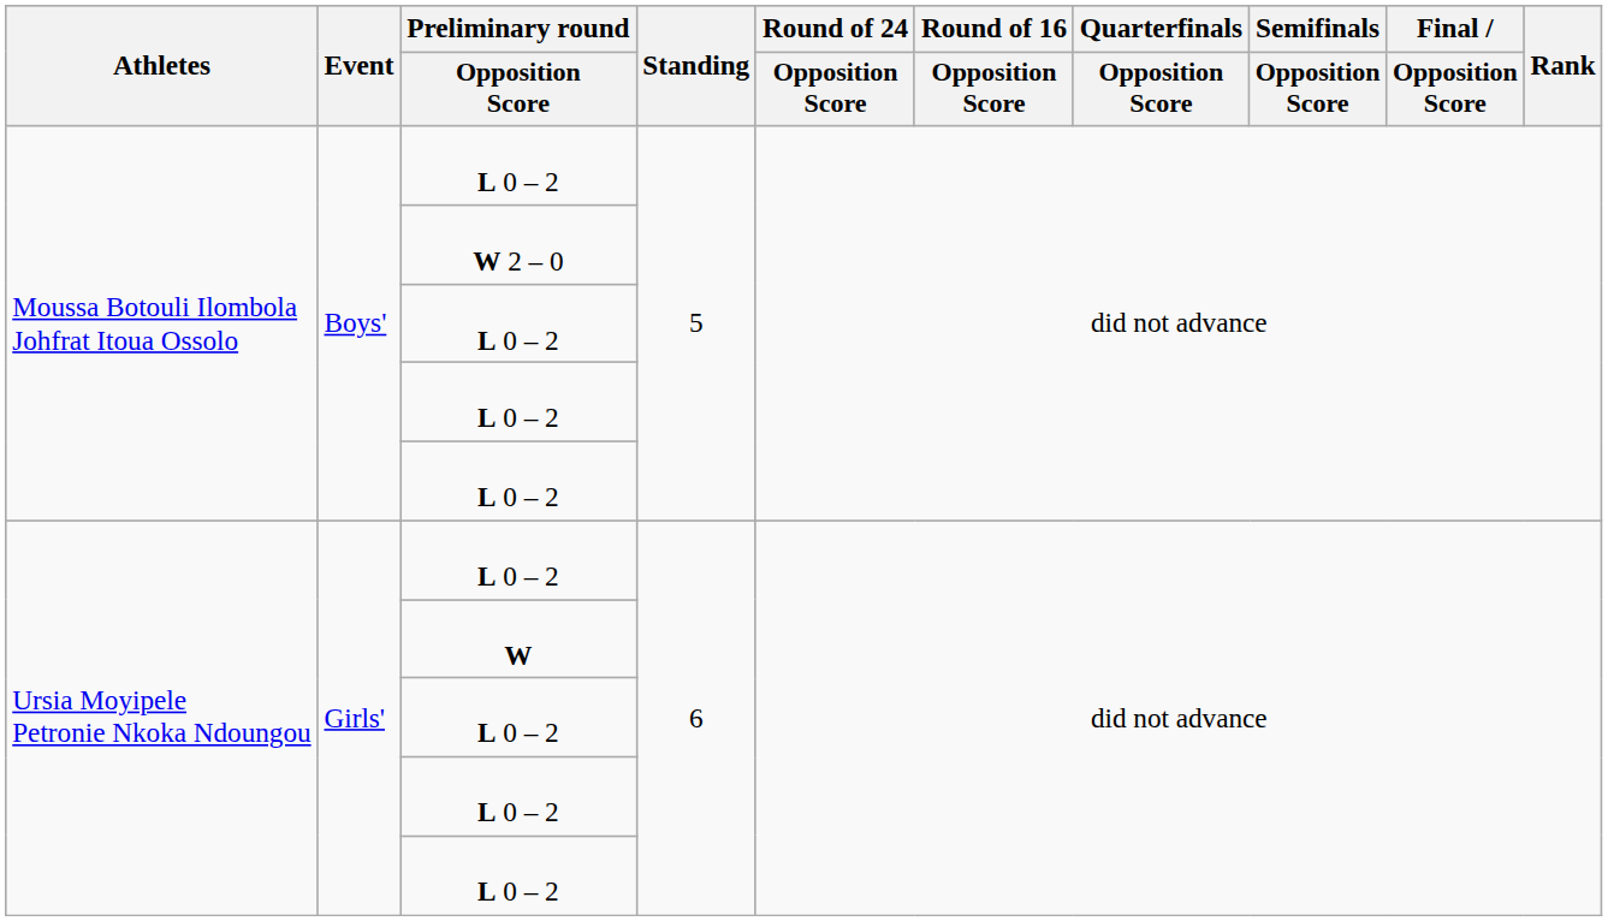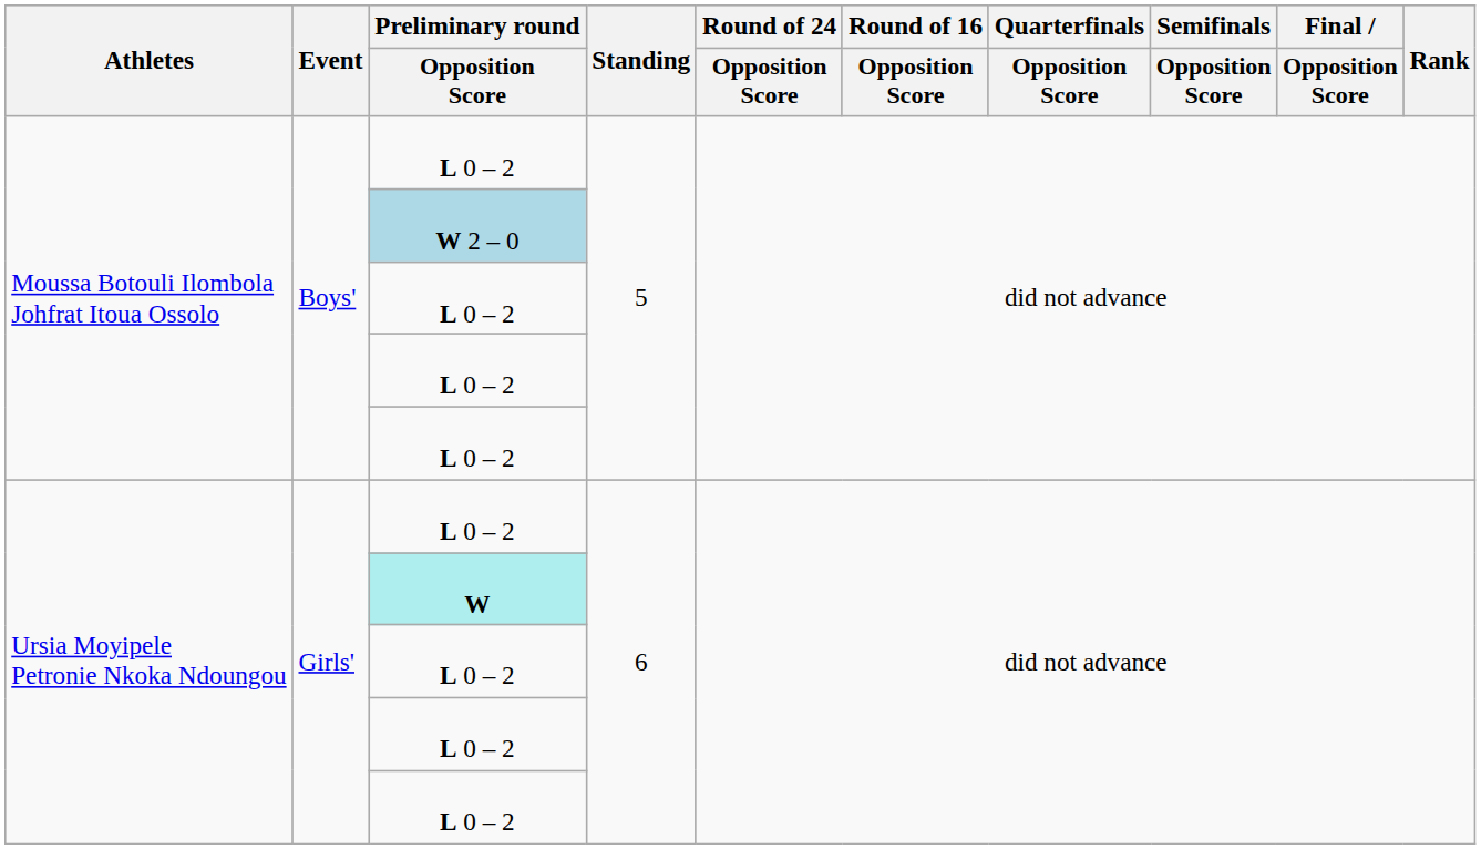 <table class=wikitable style="font-size:90%">
 <tr>
 <th rowspan="2">Athletes</th>
 <th rowspan="2">Event</th>
 <th>Preliminary round</th>
 <th rowspan="2">Standing</th>
 <th>Round of 24</th>
 <th>Round of 16</th>
 <th>Quarterfinals</th>
 <th>Semifinals</th>
 <th>Final / </th>
 <th rowspan=2>Rank</th>
 </tr>
 <tr style="font-size:95%">
 <th>Opposition<br>Score</th>
 <th>Opposition<br>Score</th>
 <th>Opposition<br>Score</th>
 <th>Opposition<br>Score</th>
 <th>Opposition<br>Score</th>
 <th>Opposition<br>Score</th>
 </tr>
 <tr align=center>
 <td align=left rowspan=5><a href='#'>Moussa Botouli Ilombola</a><br><a href='#'>Johfrat Itoua Ossolo</a></td>
 <td align=left rowspan=5><a href='#'>Boys'</a></td>
 <td><br><strong>L</strong> 0 – 2</td>
 <td rowspan=5>5</td>
 <td rowspan=5 colspan=6>did not advance</td>
 </tr>
 <tr align=center>
-<td><br><strong>W</strong> 2 – 0</td>
+<td style="background: lightblue;"><br><strong>W</strong> 2 – 0</td>
 </tr>
 <tr align=center>
 <td><br><strong>L</strong> 0 – 2</td>
 </tr>
 <tr align=center>
 <td><br><strong>L</strong> 0 – 2</td>
 </tr>
 <tr align=center>
 <td><br><strong>L</strong> 0 – 2</td>
 </tr>
 <tr align=center>
 <td align=left rowspan=5><a href='#'>Ursia Moyipele</a><br><a href='#'>Petronie Nkoka Ndoungou</a></td>
 <td align=left rowspan=5><a href='#'>Girls'</a></td>
 <td><br><strong>L</strong> 0 – 2</td>
 <td rowspan=5>6</td>
 <td rowspan=5 colspan=6>did not advance</td>
 </tr>
 <tr align=center>
-<td><br><strong>W</strong> </td>
+<td style="background: paleturquoise;"><br><strong>W</strong> </td>
 </tr>
 <tr align=center>
 <td><br><strong>L</strong> 0 – 2</td>
 </tr>
 <tr align=center>
 <td><br><strong>L</strong> 0 – 2</td>
 </tr>
 <tr align=center>
 <td><br><strong>L</strong> 0 – 2</td>
 </tr>
 </table>
